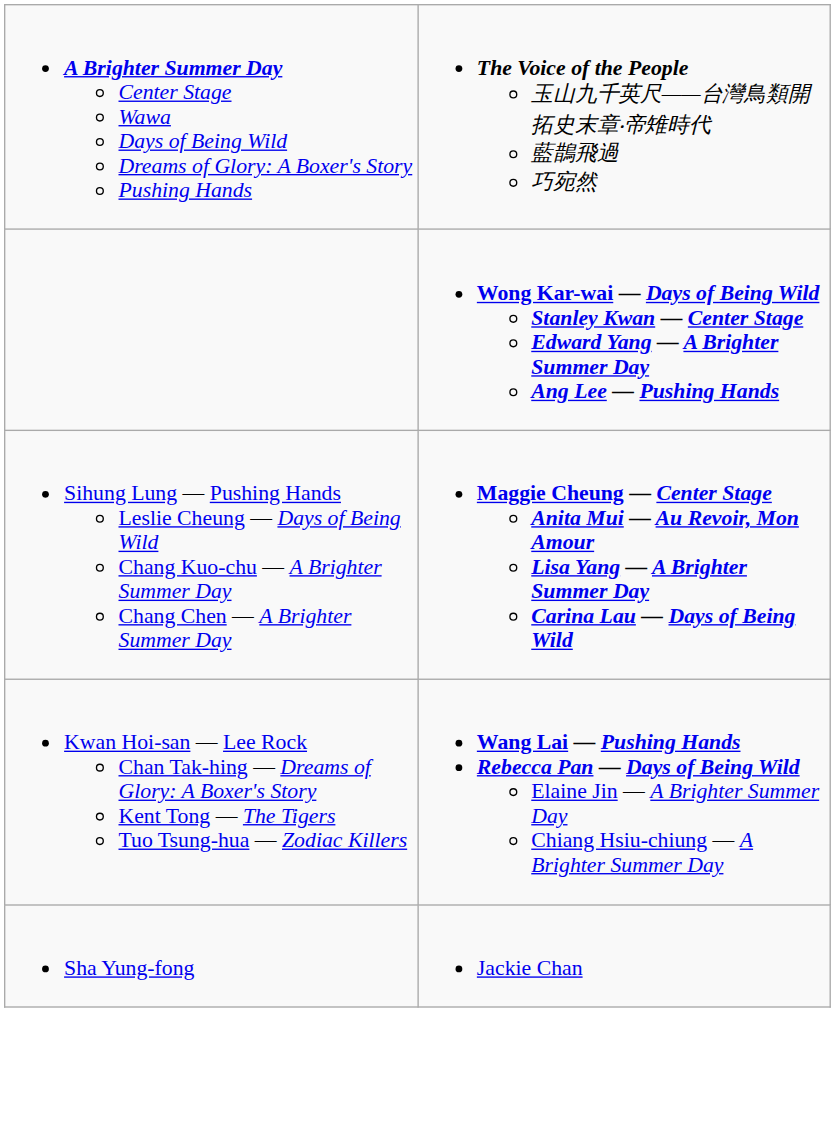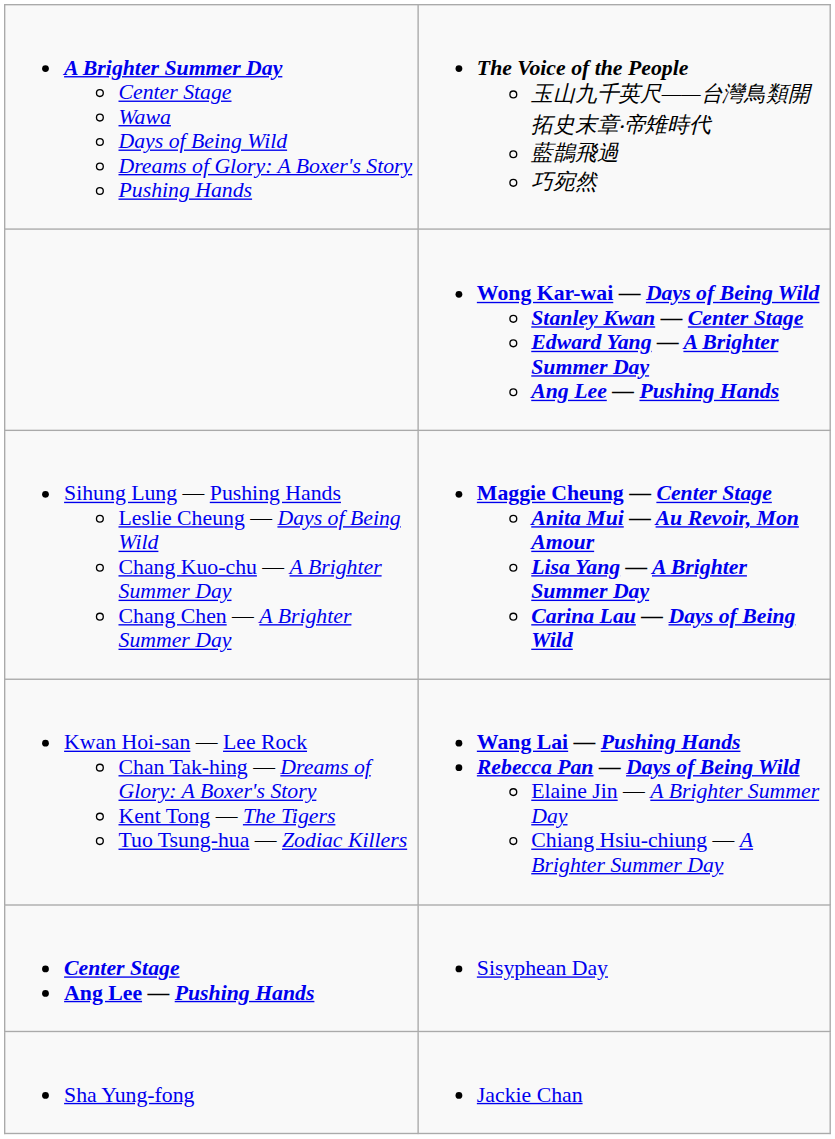 <table class=wikitable>
 <tr>
 <td valign="top" width="50%"><br><ul><li><strong><em><a href='#'>A Brighter Summer Day</a></em></strong><ul><li><em><a href='#'>Center Stage</a></em></li><li><em><a href='#'>Wawa</a></em></li><li><em><a href='#'>Days of Being Wild</a></em></li><li><em><a href='#'>Dreams of Glory: A Boxer's Story</a></em></li><li><em><a href='#'>Pushing Hands</a></em></li></ul></li></ul></td>
 <td valign="top" width="50%"><br><ul><li><strong><em>The Voice of the People</em></strong><ul><li><em>玉山九千英尺——台灣鳥類開拓史末章‧帝雉時代</em></li><li><em>藍鵲飛過</em></li><li><em>巧宛然</em></li></ul></li></ul></td>
 </tr>
 <tr>
 <td valign="top" width="50%"><br> </td>
 <td valign="top" width="50%"><br><ul><li><strong><a href='#'>Wong Kar-wai</a> — <em><a href='#'>Days of Being Wild</a><strong><em><ul><li><a href='#'>Stanley Kwan</a>  — </em><a href='#'>Center Stage</a><em></li><li><a href='#'>Edward Yang</a> — </em><a href='#'>A Brighter Summer Day</a><em></li><li><a href='#'>Ang Lee</a> — </em><a href='#'>Pushing Hands</a><em></li></ul></li></ul></td>
 </tr>
 <tr>
 <td valign="top" width="50%"><br><ul><li></strong><a href='#'>Sihung Lung</a> — </em><a href='#'>Pushing Hands</a></em></strong><ul><li><a href='#'>Leslie Cheung</a> — <em><a href='#'>Days of Being Wild</a></em></li><li><a href='#'>Chang Kuo-chu</a> — <em><a href='#'>A Brighter Summer Day</a></em></li><li><a href='#'>Chang Chen</a> — <em><a href='#'>A Brighter Summer Day</a></em></li></ul></li></ul></td>
 <td valign="top" width="50%"><br><ul><li><strong><a href='#'>Maggie Cheung</a> — <em><a href='#'>Center Stage</a><strong><em><ul><li><a href='#'>Anita Mui</a> — </em><a href='#'>Au Revoir, Mon Amour</a><em></li><li><a href='#'>Lisa Yang</a> — </em><a href='#'>A Brighter Summer Day</a><em></li><li><a href='#'>Carina Lau</a> — </em><a href='#'>Days of Being Wild</a><em></li></ul></li></ul></td>
 </tr>
 <tr>
 <td valign="top" width="50%"><br><ul><li></strong><a href='#'>Kwan Hoi-san</a> — </em><a href='#'>Lee Rock</a></em></strong><ul><li><a href='#'>Chan Tak-hing</a> — <em><a href='#'>Dreams of Glory: A Boxer's Story</a></em></li><li><a href='#'>Kent Tong</a> — <em><a href='#'>The Tigers</a></em></li><li><a href='#'>Tuo Tsung-hua</a> — <em><a href='#'>Zodiac Killers</a></em></li></ul></li></ul></td>
 <td valign="top" width="50%"><br><ul><li><strong><a href='#'>Wang Lai</a> — <em><a href='#'>Pushing Hands</a><strong><em></li><li></strong><a href='#'>Rebecca Pan</a> — </em><a href='#'>Days of Being Wild</a></em></strong><ul><li><a href='#'>Elaine Jin</a> — <em><a href='#'>A Brighter Summer Day</a></em></li><li><a href='#'>Chiang Hsiu-chiung</a> — <em><a href='#'>A Brighter Summer Day</a></em></li></ul></li></ul></td>
 </tr>
 <tr>
+<td valign="top" width="50%"><br><ul><li><strong><em><a href='#'>Center Stage</a></em></strong></li><li><strong><a href='#'>Ang Lee</a> — <em><a href='#'>Pushing Hands</a><strong><em></li></ul></td>
+<td valign="top" width="50%"><br><ul><li></em></strong><a href='#'>Sisyphean Day</a><strong><em></li></ul></td>
+</tr>
+<tr>
 <td valign="top" width="50%"><br><ul><li></strong><a href='#'>Sha Yung-fong</a><strong></li></ul></td>
 <td valign="top" width="50%"><br><ul><li></strong><a href='#'>Jackie Chan</a><strong></li></ul></td>
 </tr>
 </table>
